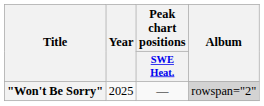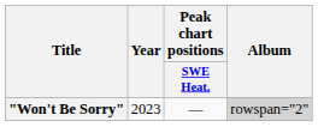 <table class="wikitable plainrowheaders" style="text-align:center;">
 <tr>
 <th scope="col" rowspan="2">Title</th>
 <th scope="col" rowspan="2">Year</th>
 <th scope="col" colspan="1">Peak chart positions</th>
 <th scope="col" rowspan="2">Album</th>
 </tr>
 <tr>
 <th scope="col" style="width:3em;font-size:85%;"><a href='#'>SWE<br>Heat.</a></th>
 </tr>
 <tr>
 <th scope="row">"Won't Be Sorry"</th>
-<td>2025</td>
+<td>2023</td>
 <td>—</td>
 <td style="background: lightgrey;">rowspan="2" </td>
 </tr>
 </table>
